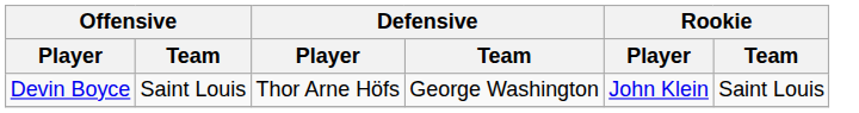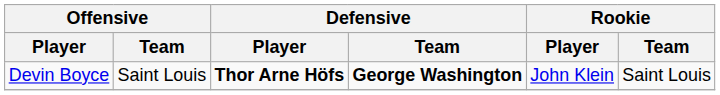 <table class="wikitable">
 <tr>
 <th colspan="2">Offensive</th>
 <th colspan="2">Defensive</th>
 <th colspan="2">Rookie</th>
 </tr>
 <tr>
 <th>Player</th>
 <th>Team</th>
 <th>Player</th>
 <th>Team</th>
 <th>Player</th>
 <th>Team</th>
 </tr>
 <tr>
 <td><a href='#'>Devin Boyce</a></td>
 <td>Saint Louis</td>
-<td>Thor Arne Höfs</td>
-<td>George Washington</td>
+<td><strong>Thor Arne Höfs</strong></td>
+<td><strong>George Washington</strong></td>
 <td><a href='#'>John Klein</a></td>
 <td>Saint Louis</td>
 </tr>
 <tr>
 </tr>
 </table>
